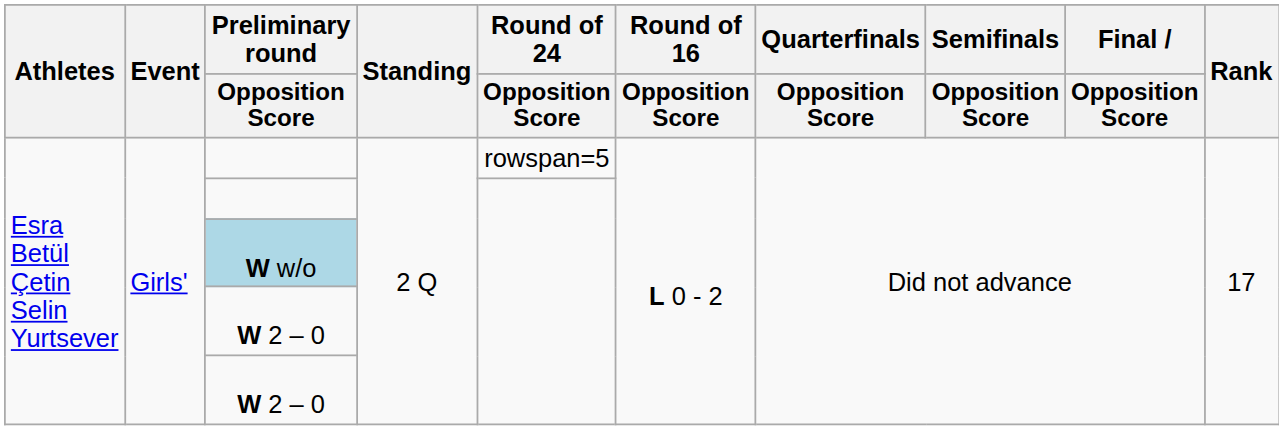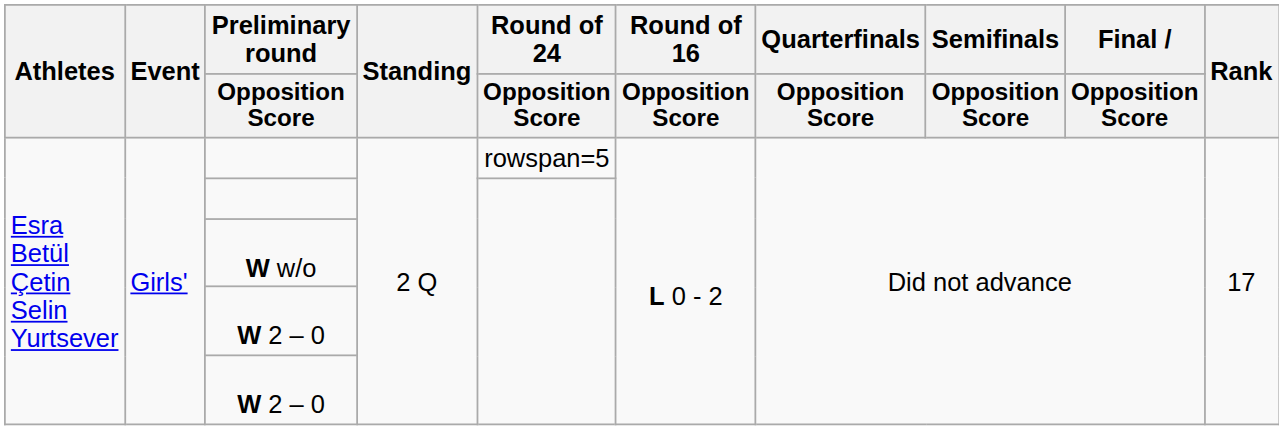 <table class=wikitable style="font-size:90%">
 <tr>
 <th rowspan="2">Athletes</th>
 <th rowspan="2">Event</th>
 <th>Preliminary round</th>
 <th rowspan="2">Standing</th>
 <th>Round of 24</th>
 <th>Round of 16</th>
 <th>Quarterfinals</th>
 <th>Semifinals</th>
 <th>Final / </th>
 <th rowspan=2>Rank</th>
 </tr>
 <tr style="font-size:95%">
 <th>Opposition<br>Score</th>
 <th>Opposition<br>Score</th>
 <th>Opposition<br>Score</th>
 <th>Opposition<br>Score</th>
 <th>Opposition<br>Score</th>
 <th>Opposition<br>Score</th>
 </tr>
 <tr align=center>
 <td align=left rowspan=5><a href='#'>Esra Betül Çetin</a><br><a href='#'>Selin Yurtsever</a></td>
 <td align=left rowspan=5><a href='#'>Girls'</a></td>
 <td><br></td>
 <td rowspan=5>2 Q</td>
 <td>rowspan=5 </td>
 <td rowspan=5><br><strong>L</strong> 0 - 2</td>
 <td rowspan=5 colspan=3>Did not advance</td>
 <td rowspan=5>17</td>
 </tr>
 <tr align=center>
 <td><br></td>
 </tr>
 <tr align=center>
-<td style="background: lightblue;"><br><strong>W</strong> w/o</td>
+<td><br><strong>W</strong> w/o</td>
 </tr>
 <tr align=center>
 <td><br><strong>W</strong> 2 – 0</td>
 </tr>
 <tr align=center>
 <td><br><strong>W</strong> 2 – 0</td>
 </tr>
 </table>
